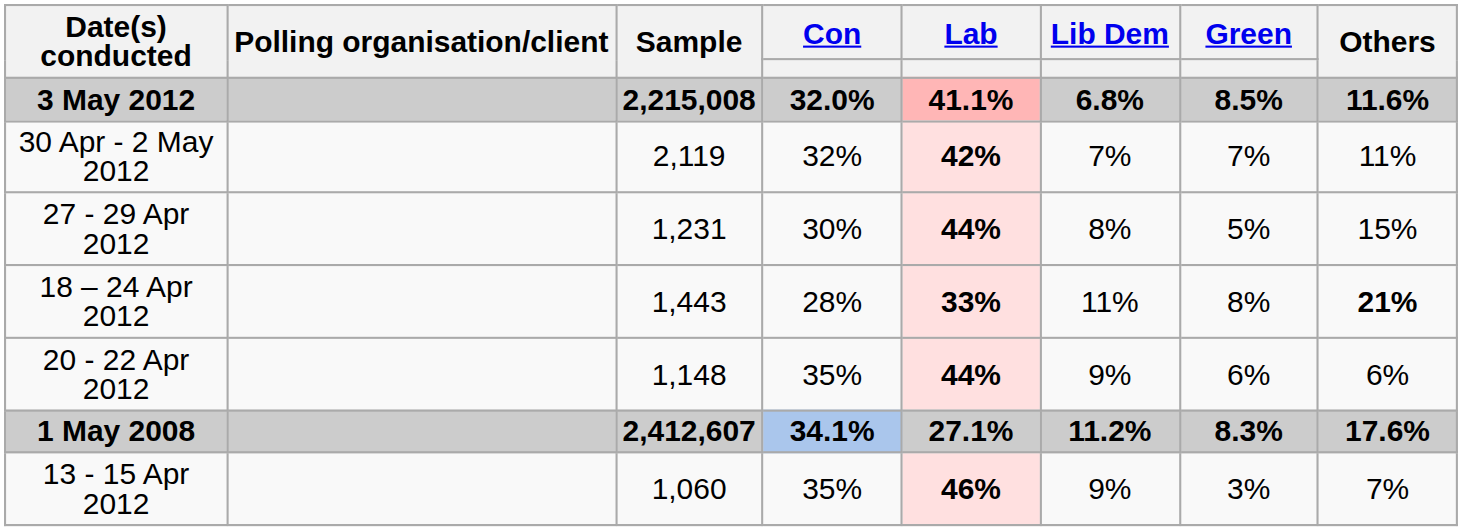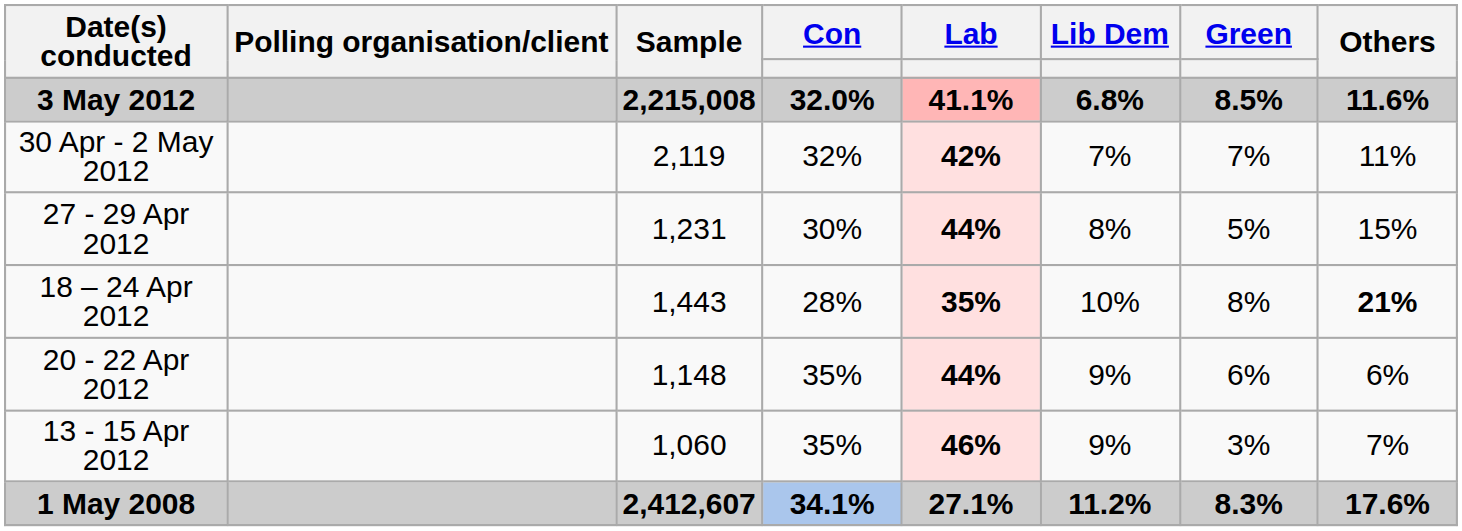 <table class="wikitable sortable" style="text-align:center;font-size:90%;line-height:14px">
 <tr>
 <th style="width:100px;" rowspan="2">Date(s)<br>conducted</th>
 <th style="width:180px;" rowspan="2">Polling organisation/client</th>
 <th style="width:60px;" rowspan="2">Sample</th>
 <th style="width:60px;" class="unsortable"><a href='#'>Con</a></th>
 <th style="width:60px;" class="unsortable"><a href='#'>Lab</a></th>
 <th style="width:60px;" class="unsortable"><a href='#'>Lib Dem</a></th>
 <th style="width:60px;" class="unsortable"><a href='#'>Green</a></th>
 <th style="width:60px;" rowspan="2" class="unsortable">Others</th>
 </tr>
 <tr>
 <th class="unsortable" style="color:inherit;background:"></th>
 <th class="unsortable" style="color:inherit;background:"></th>
 <th class="unsortable" style="color:inherit;background:"></th>
 <th class="unsortable" style="color:inherit;background:"></th>
 </tr>
 <tr>
 <td style="background:#ccc;"><strong>3 May 2012</strong></td>
 <td style="background:#ccc;"><strong></strong></td>
 <td style="background:#ccc;"><strong> 2,215,008</strong></td>
 <td style="background:#ccc;"><strong>32.0%</strong></td>
 <td style="background:#FFB6B6;"><strong>41.1%</strong></td>
 <td style="background:#ccc;"><strong>6.8%</strong></td>
 <td style="background:#ccc;"><strong>8.5%</strong></td>
 <td style="background:#ccc;"><strong>11.6%</strong></td>
 </tr>
 <tr>
 <td>30 Apr - 2 May 2012</td>
 <td></td>
 <td>2,119</td>
 <td>32%</td>
 <td style="background:#ffe0e0"><strong>42%</strong></td>
 <td>7%</td>
 <td>7%</td>
 <td>11%</td>
 </tr>
 <tr>
 <td>27 - 29 Apr 2012</td>
 <td></td>
 <td>1,231</td>
 <td>30%</td>
 <td style="background:#ffe0e0"><strong>44%</strong></td>
 <td>8%</td>
 <td>5%</td>
 <td>15%</td>
 </tr>
 <tr>
 <td>18 – 24 Apr 2012</td>
 <td></td>
 <td>1,443</td>
 <td>28%</td>
-<td style="background:#ffe0e0"><strong>33%</strong></td>
-<td>11%</td>
+<td style="background:#ffe0e0"><strong>35%</strong></td>
+<td>10%</td>
 <td>8%</td>
 <td><strong>21%</strong></td>
 </tr>
 <tr>
 <td>20 - 22 Apr 2012</td>
 <td></td>
 <td>1,148</td>
 <td>35%</td>
 <td style="background:#ffe0e0"><strong>44%</strong></td>
 <td>9%</td>
 <td>6%</td>
 <td>6%</td>
 </tr>
 <tr>
+<td>13 - 15 Apr 2012</td>
+<td></td>
+<td>1,060</td>
+<td>35%</td>
+<td style="background:#ffe0e0"><strong>46%</strong></td>
+<td>9%</td>
+<td>3%</td>
+<td>7%</td>
+</tr>
+<tr>
 <td style="background:#ccc;"><strong>1 May 2008</strong></td>
 <td style="background:#ccc;"><strong></strong></td>
 <td style="background:#ccc;"><strong>2,412,607</strong></td>
 <td style="background:#aac6ec;"><strong>34.1%</strong></td>
 <td style="background:#ccc;"><strong>27.1%</strong></td>
 <td style="background:#ccc;"><strong>11.2%</strong></td>
 <td style="background:#ccc;"><strong>8.3%</strong></td>
 <td style="background:#ccc;"><strong>17.6%</strong></td>
 </tr>
 <tr>
-<td>13 - 15 Apr 2012</td>
-<td></td>
-<td>1,060</td>
-<td>35%</td>
-<td style="background:#ffe0e0"><strong>46%</strong></td>
-<td>9%</td>
-<td>3%</td>
-<td>7%</td>
-</tr>
-<tr>
 </tr>
 </table>
